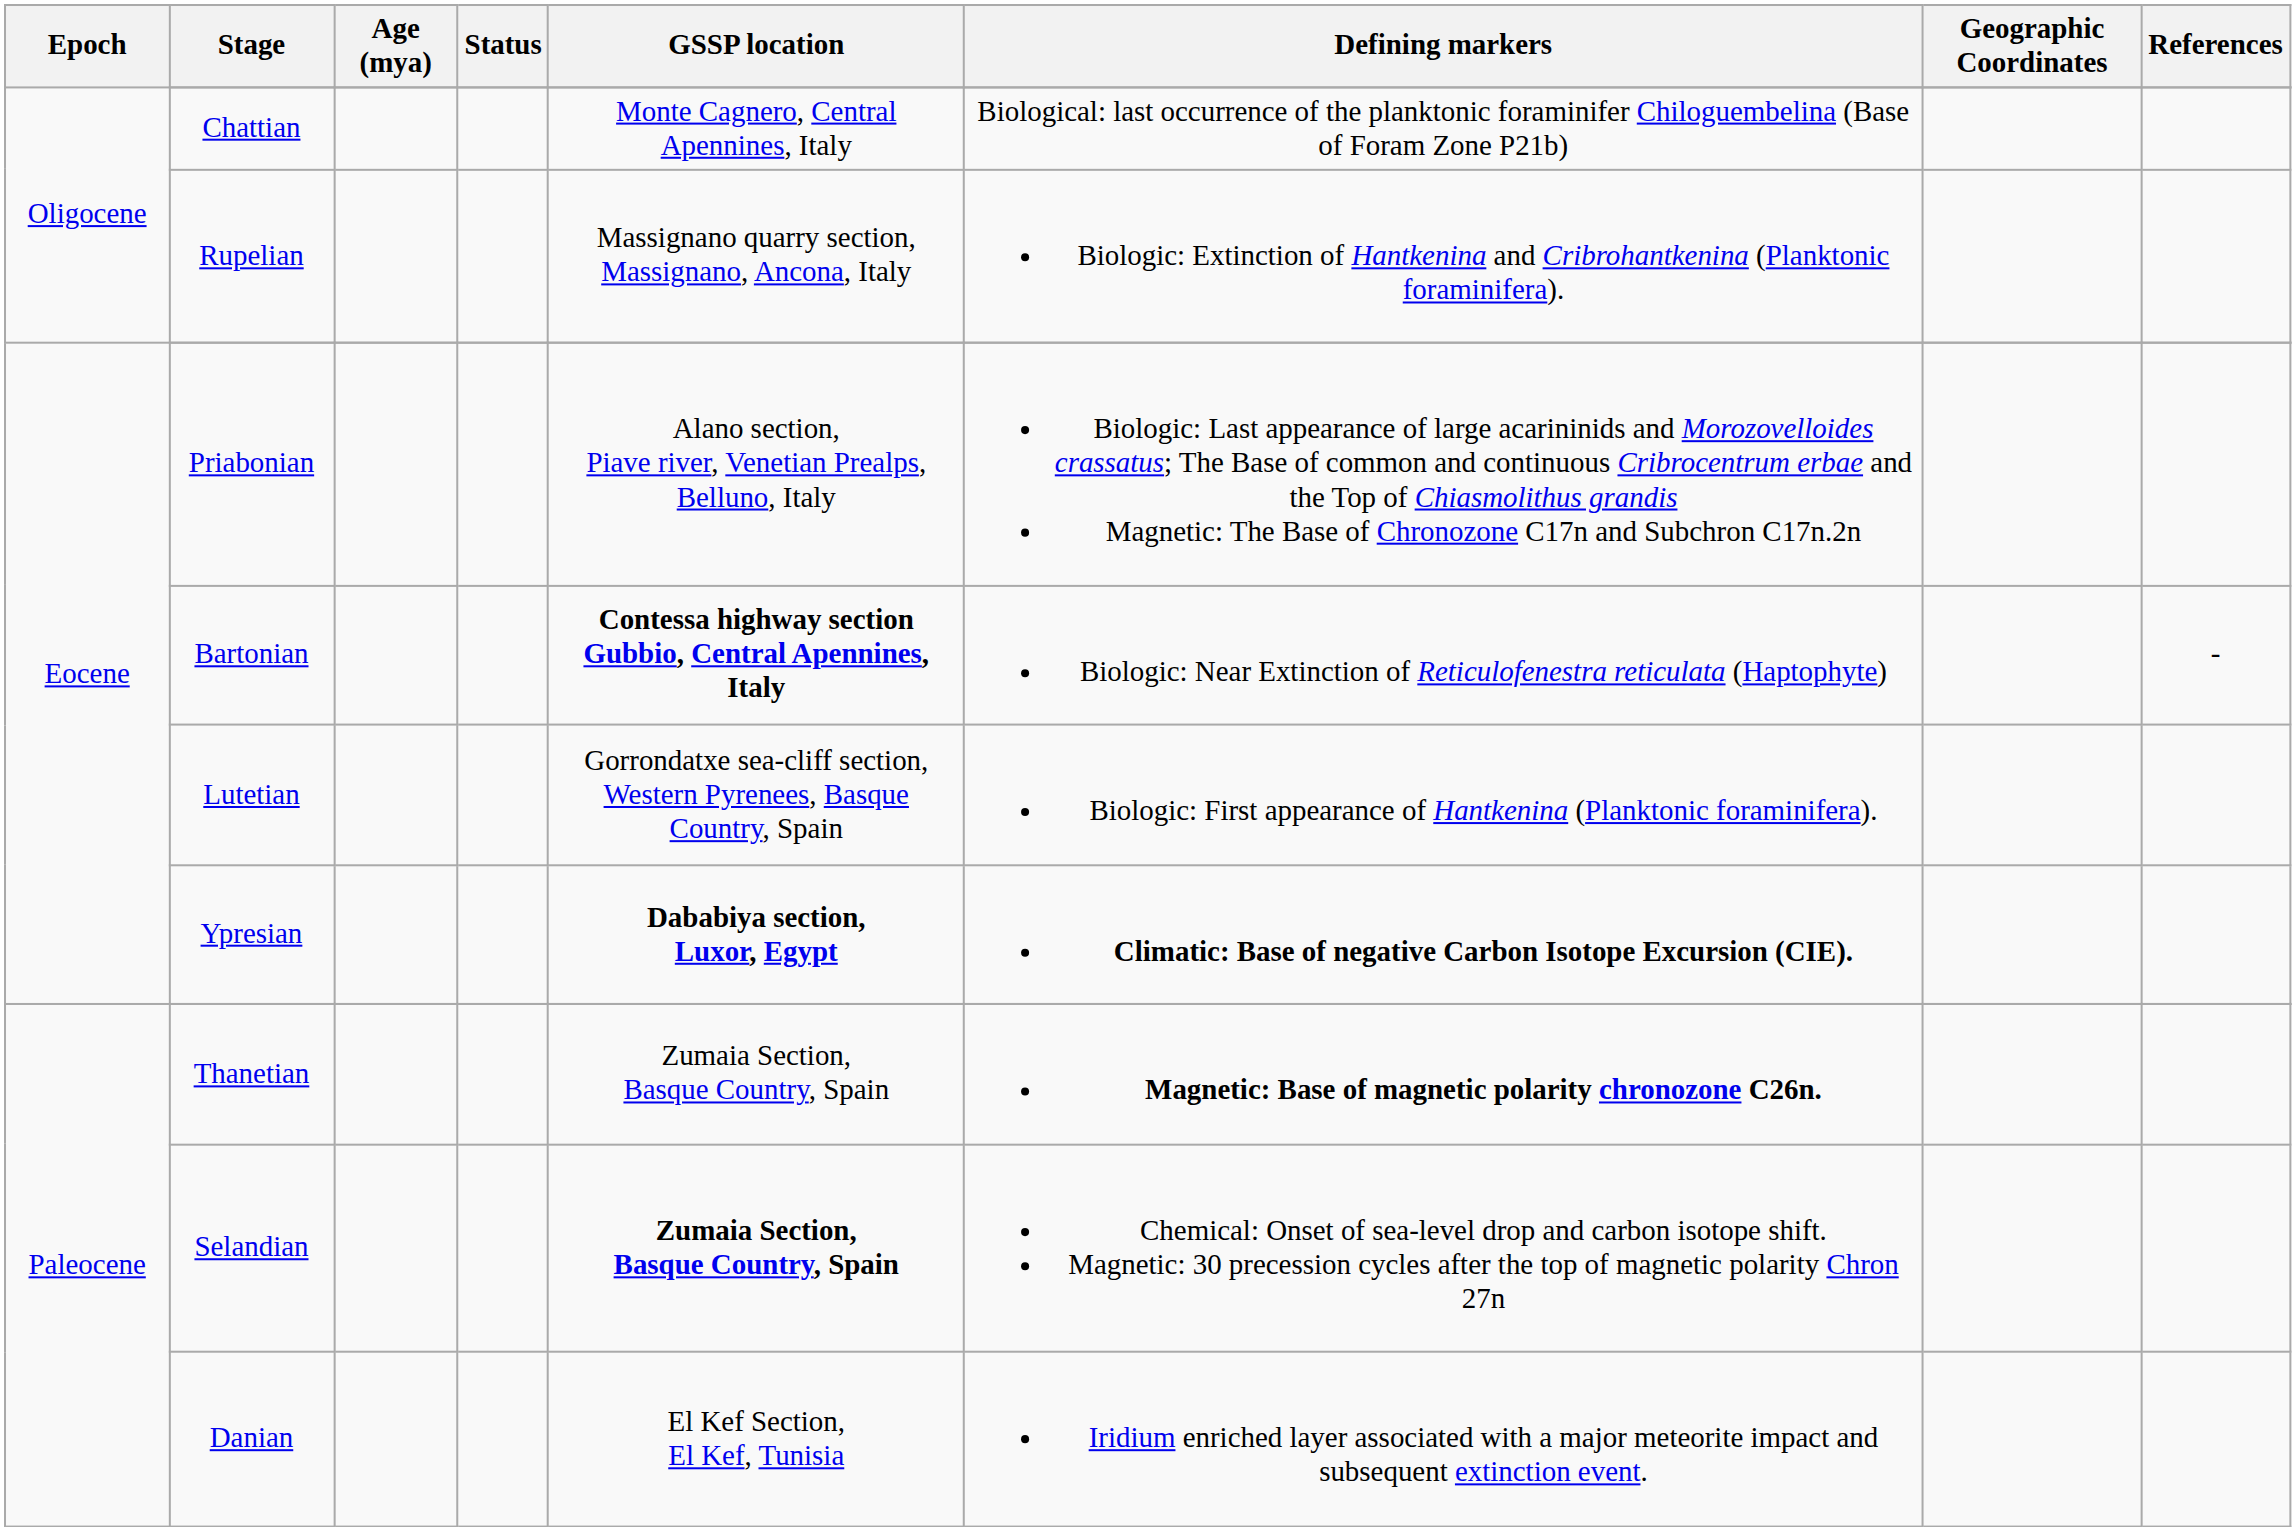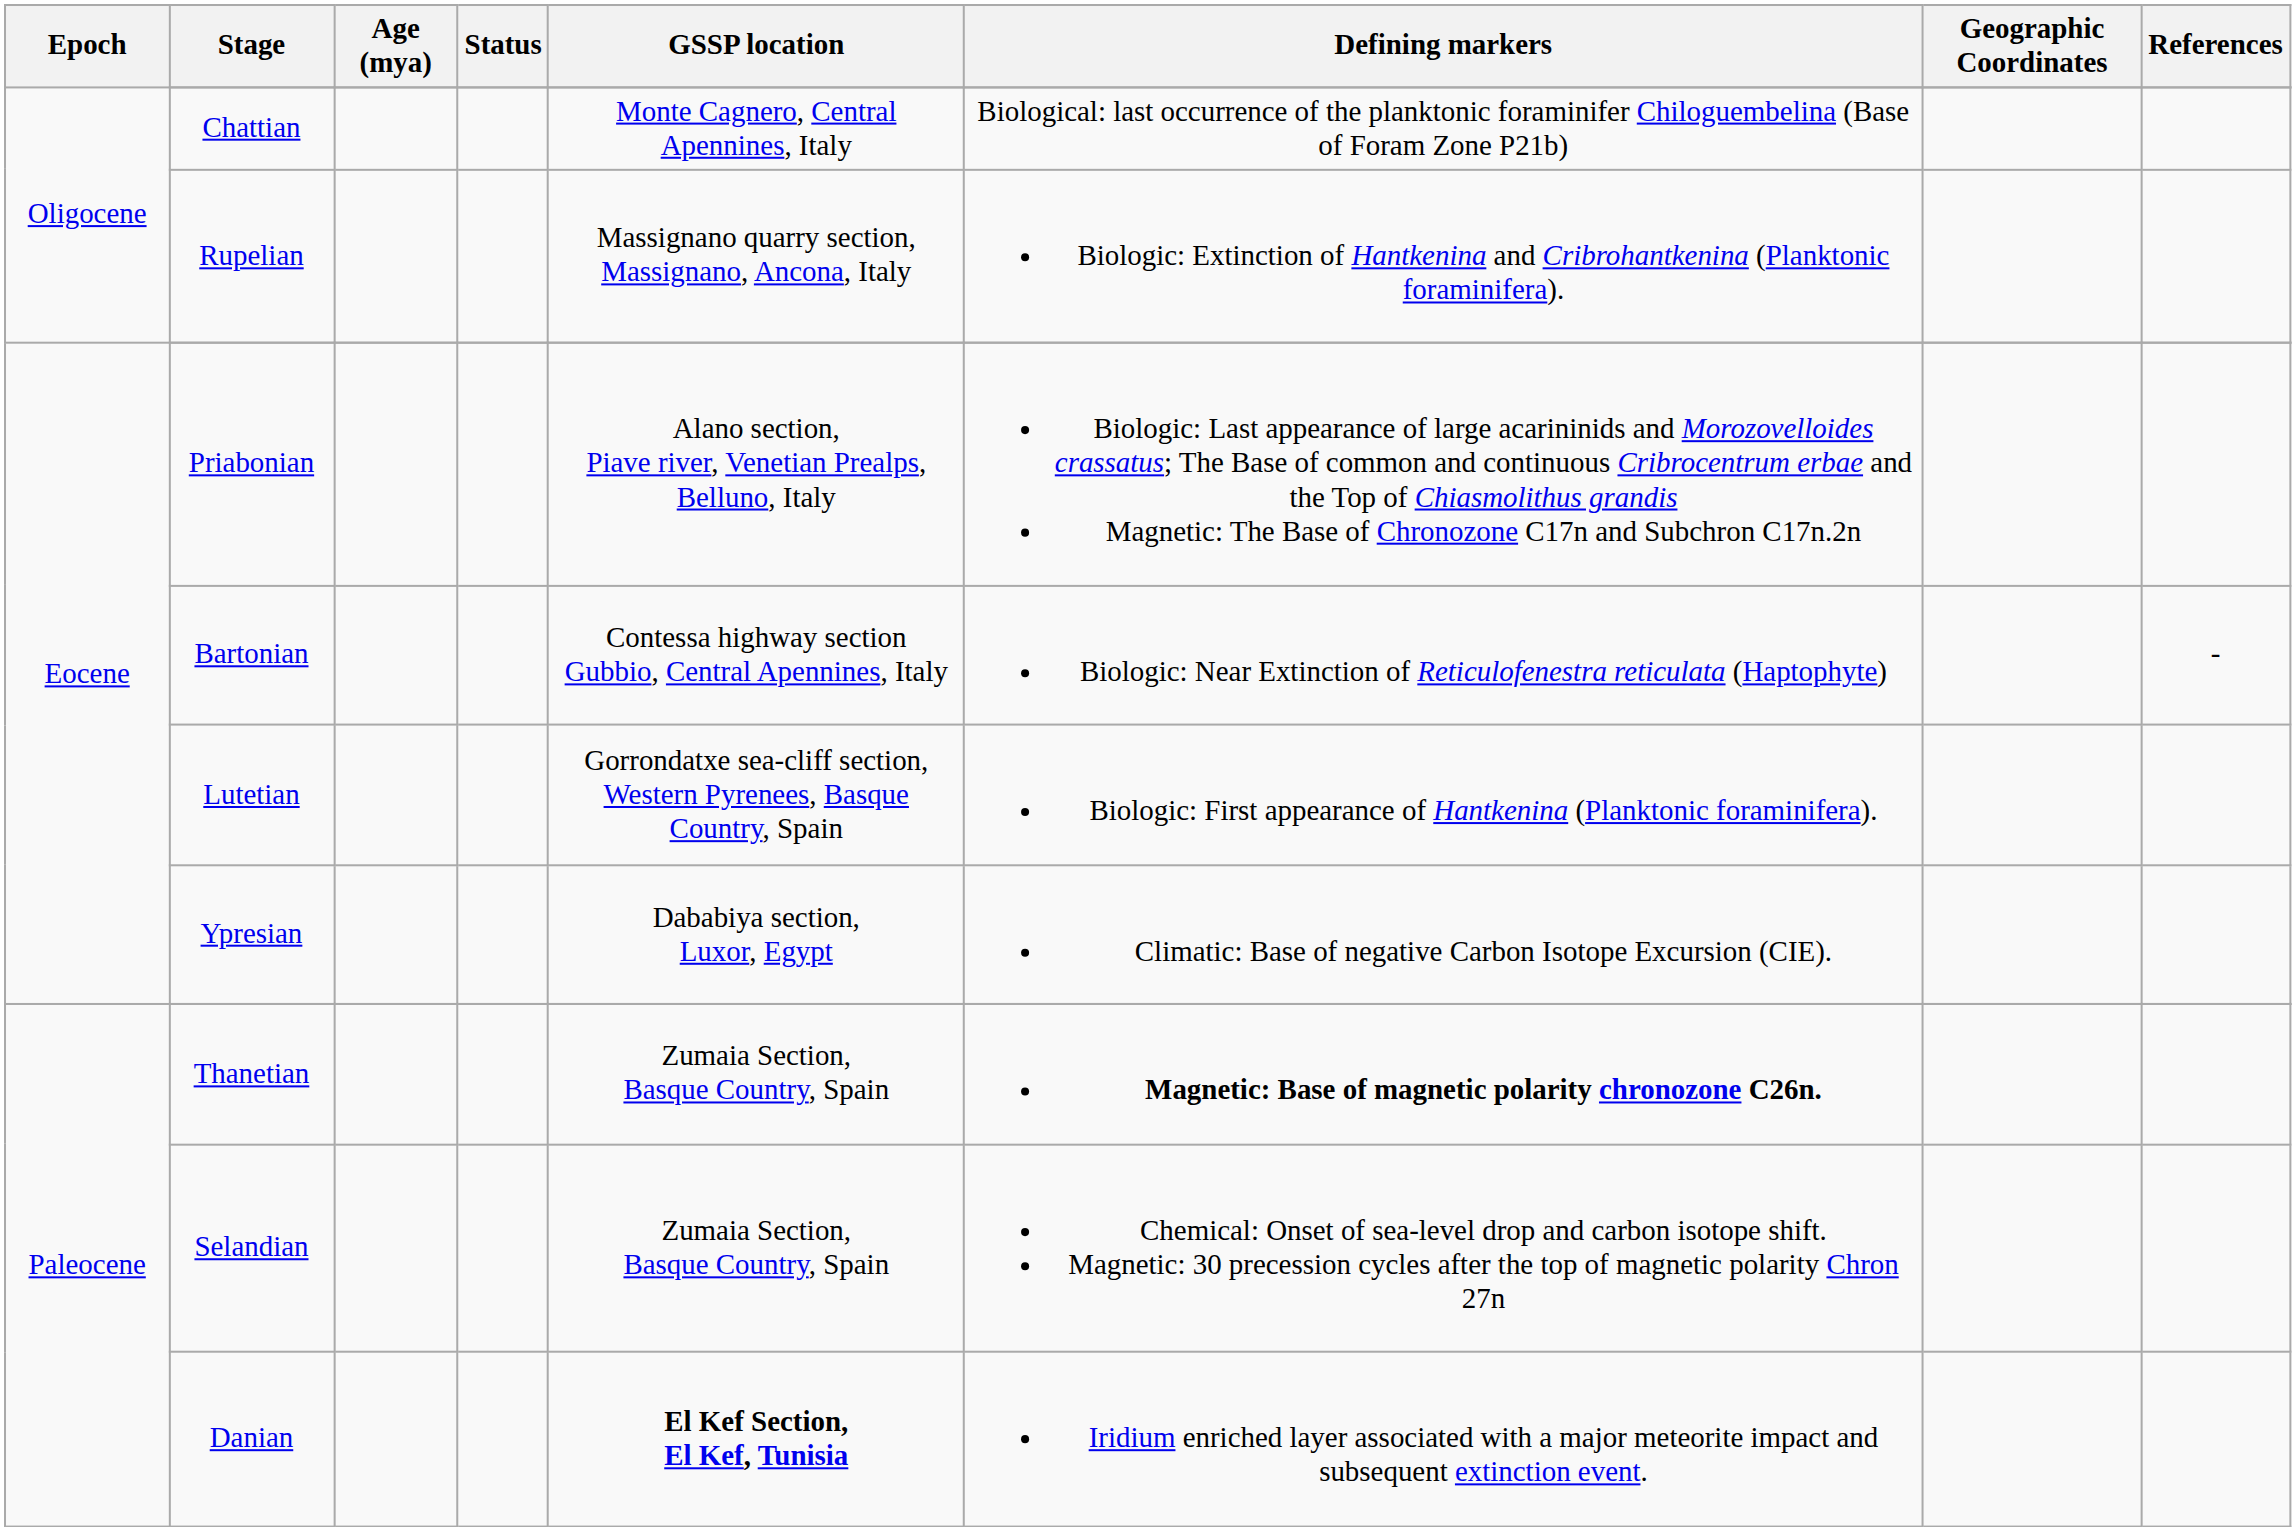 <table class="wikitable"  style="font-size:90%; width:90%; text-align:center;">
 <tr>
 <th style="width:75px;">Epoch</th>
 <th style="width:75px;">Stage</th>
 <th style="width:55px;">Age (mya)</th>
 <th style="width:15px;">Status</th>
 <th style="width:200px;">GSSP location</th>
 <th width="">Defining markers</th>
 <th width="">Geographic Coordinates</th>
 <th width="">References</th>
 </tr>
 <tr style="background:">
 <td rowspan="3"><a href='#'>Oligocene</a></td>
 </tr>
 <tr style="background:">
 <td><a href='#'>Chattian</a></td>
 <td></td>
 <td></td>
 <td><a href='#'>Monte Cagnero</a>, <a href='#'>Central Apennines</a>, Italy</td>
 <td>Biological: last occurrence of the planktonic foraminifer <a href='#'>Chiloguembelina</a> (Base of Foram Zone P21b)</td>
 <td></td>
 <td></td>
 </tr>
 <tr style="background:">
 <td><a href='#'>Rupelian</a></td>
 <td></td>
 <td></td>
 <td>Massignano quarry section,<br><a href='#'>Massignano</a>, <a href='#'>Ancona</a>, Italy</td>
 <td><br><ul><li>Biologic: Extinction of <em><a href='#'>Hantkenina</a></em> and <em><a href='#'>Cribrohantkenina</a></em> (<a href='#'>Planktonic foraminifera</a>).</li></ul></td>
 <td></td>
 <td></td>
 </tr>
 <tr style="background:">
 <td rowspan="5"><a href='#'>Eocene</a></td>
 </tr>
 <tr style="background:">
 <td><a href='#'>Priabonian</a></td>
 <td></td>
 <td></td>
 <td>Alano section,<br><a href='#'>Piave river</a>, <a href='#'>Venetian Prealps</a>, <a href='#'>Belluno</a>, Italy</td>
 <td><br><ul><li>Biologic: Last appearance of large acarininids and <em><a href='#'>Morozovelloides crassatus</a></em>; The Base of common and continuous <em><a href='#'>Cribrocentrum erbae</a></em> and the Top of <em><a href='#'>Chiasmolithus grandis</a></em></li><li>Magnetic: The Base of <a href='#'>Chronozone</a> C17n and Subchron C17n.2n</li></ul></td>
 <td></td>
 <td></td>
 </tr>
 <tr style="background:">
 <td><a href='#'>Bartonian</a></td>
 <td></td>
 <td></td>
-<td><strong>Contessa highway section<br><a href='#'>Gubbio</a>, <a href='#'>Central Apennines</a>, Italy</strong></td>
+<td>Contessa highway section<br><a href='#'>Gubbio</a>, <a href='#'>Central Apennines</a>, Italy</td>
 <td><br><ul><li>Biologic: Near Extinction of <em><a href='#'>Reticulofenestra reticulata</a></em> (<a href='#'>Haptophyte</a>)</li></ul></td>
 <td></td>
 <td>-</td>
 </tr>
 <tr style="background:">
 <td><a href='#'>Lutetian</a></td>
 <td></td>
 <td></td>
 <td>Gorrondatxe sea-cliff section,<br><a href='#'>Western Pyrenees</a>, <a href='#'>Basque Country</a>, Spain</td>
 <td><br><ul><li>Biologic: First appearance of <em><a href='#'>Hantkenina</a></em> (<a href='#'>Planktonic foraminifera</a>).</li></ul></td>
 <td></td>
 <td></td>
 </tr>
 <tr style="background:">
 <td><a href='#'>Ypresian</a></td>
 <td></td>
 <td></td>
-<td><strong>Dababiya section,<br><a href='#'>Luxor</a>, <a href='#'>Egypt</a></strong></td>
-<td><strong><br><ul><li>Climatic: Base of negative Carbon Isotope Excursion (CIE).</li></ul></strong></td>
+<td>Dababiya section,<br><a href='#'>Luxor</a>, <a href='#'>Egypt</a></td>
+<td><br><ul><li>Climatic: Base of negative Carbon Isotope Excursion (CIE).</li></ul></td>
 <td></td>
 <td></td>
 </tr>
 <tr style="background:">
 <td rowspan="4"><a href='#'>Paleocene</a></td>
 </tr>
 <tr style="background:">
 <td><a href='#'>Thanetian</a></td>
 <td></td>
 <td></td>
 <td>Zumaia Section,<br><a href='#'>Basque Country</a>, Spain</td>
 <td><strong><br><ul><li>Magnetic: Base of magnetic polarity <a href='#'>chronozone</a> C26n.</li></ul></strong></td>
 <td></td>
 <td></td>
 </tr>
 <tr style="background:">
 <td><a href='#'>Selandian</a></td>
 <td></td>
 <td></td>
-<td><strong>Zumaia Section,<br><a href='#'>Basque Country</a>, Spain</strong></td>
+<td>Zumaia Section,<br><a href='#'>Basque Country</a>, Spain</td>
 <td><br><ul><li>Chemical: Onset of sea-level drop and carbon isotope shift.</li><li>Magnetic: 30 precession cycles after the top of magnetic polarity <a href='#'>Chron</a> 27n</li></ul></td>
 <td></td>
 <td></td>
 </tr>
 <tr style="background:">
 <td><a href='#'>Danian</a></td>
 <td></td>
 <td></td>
-<td>El Kef Section,<br><a href='#'>El Kef</a>, <a href='#'>Tunisia</a></td>
+<td><strong>El Kef Section,<br><a href='#'>El Kef</a>, <a href='#'>Tunisia</a></strong></td>
 <td><br><ul><li><a href='#'>Iridium</a> enriched layer associated with a major meteorite impact and subsequent <a href='#'>extinction event</a>.</li></ul></td>
 <td></td>
 <td></td>
 </tr>
 </table>
